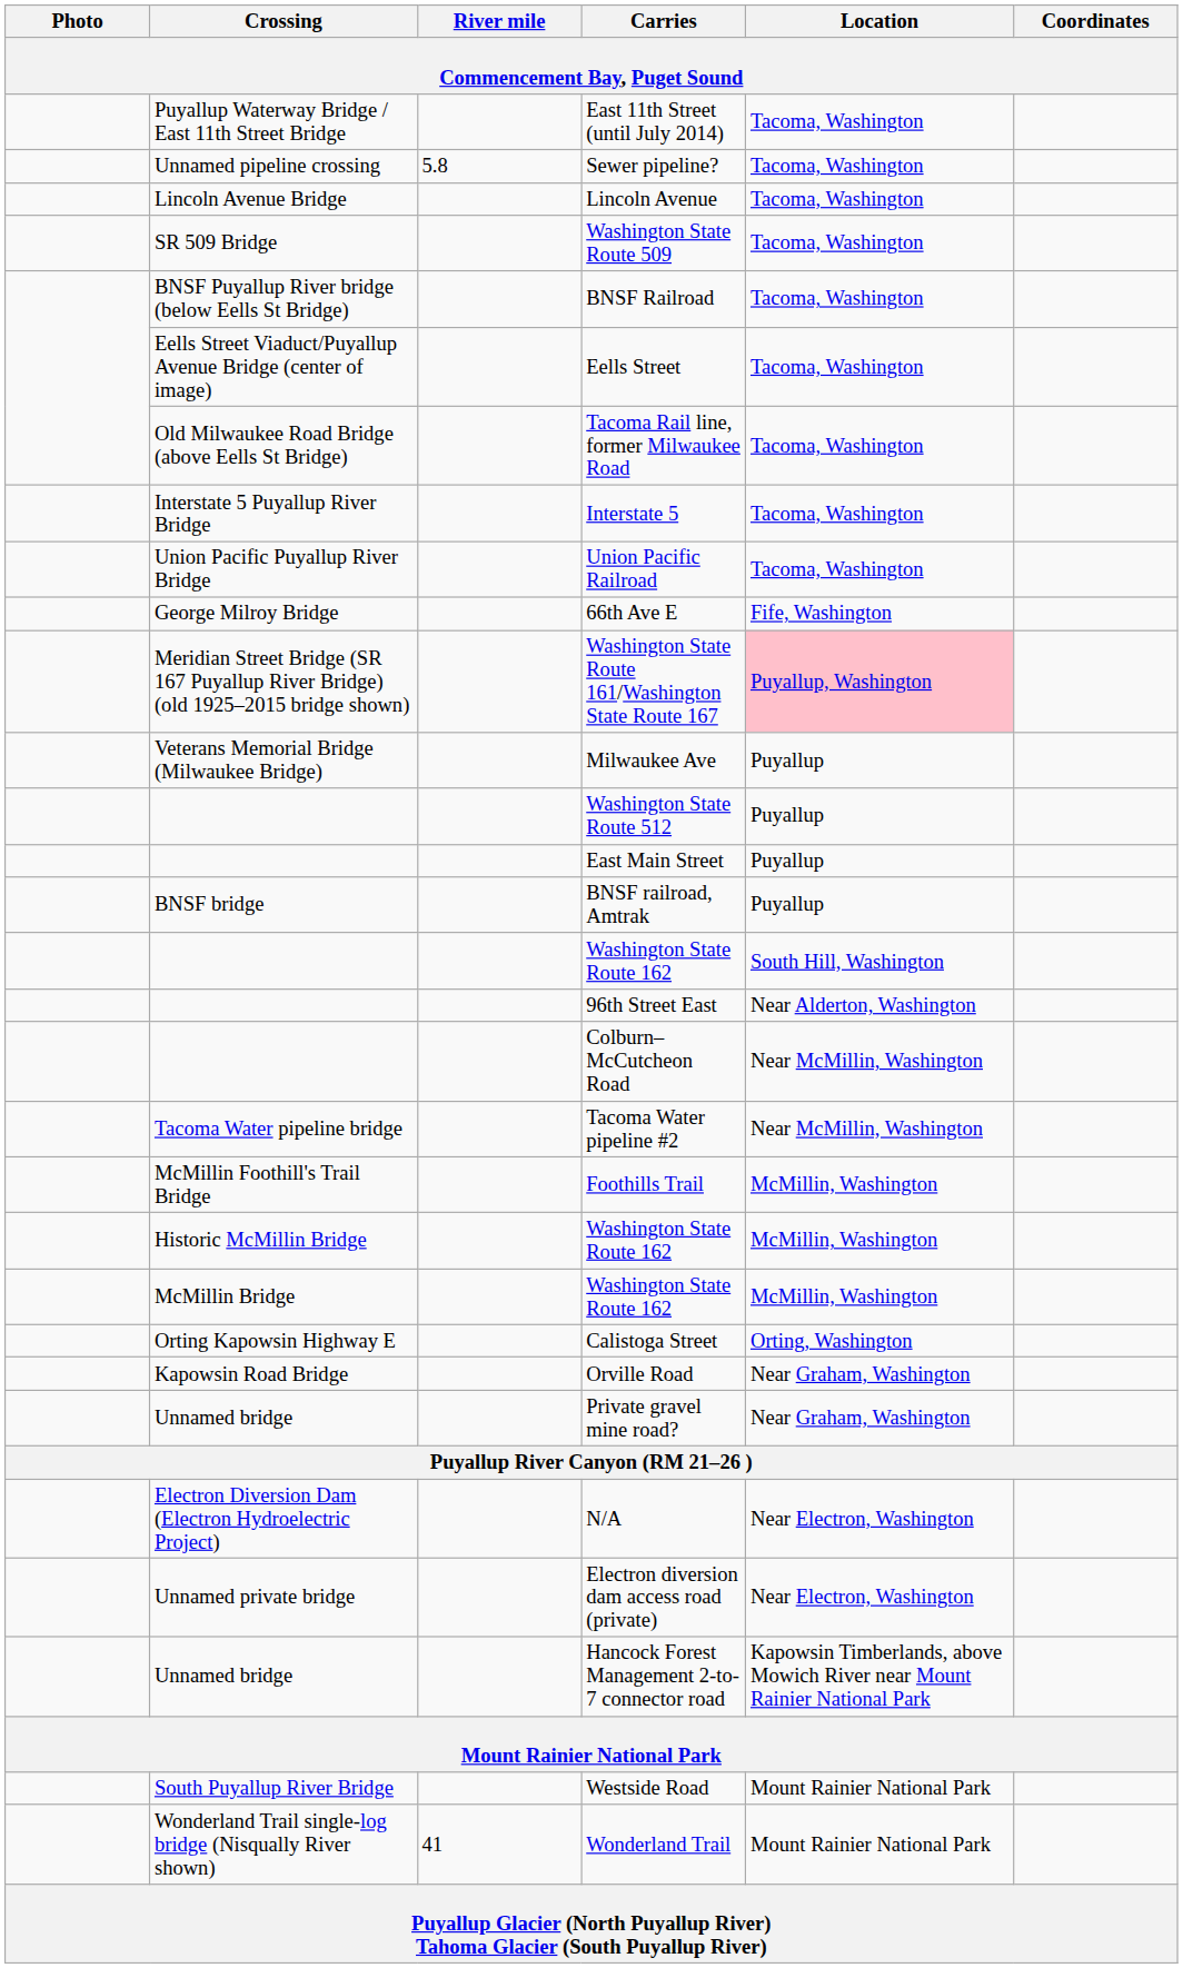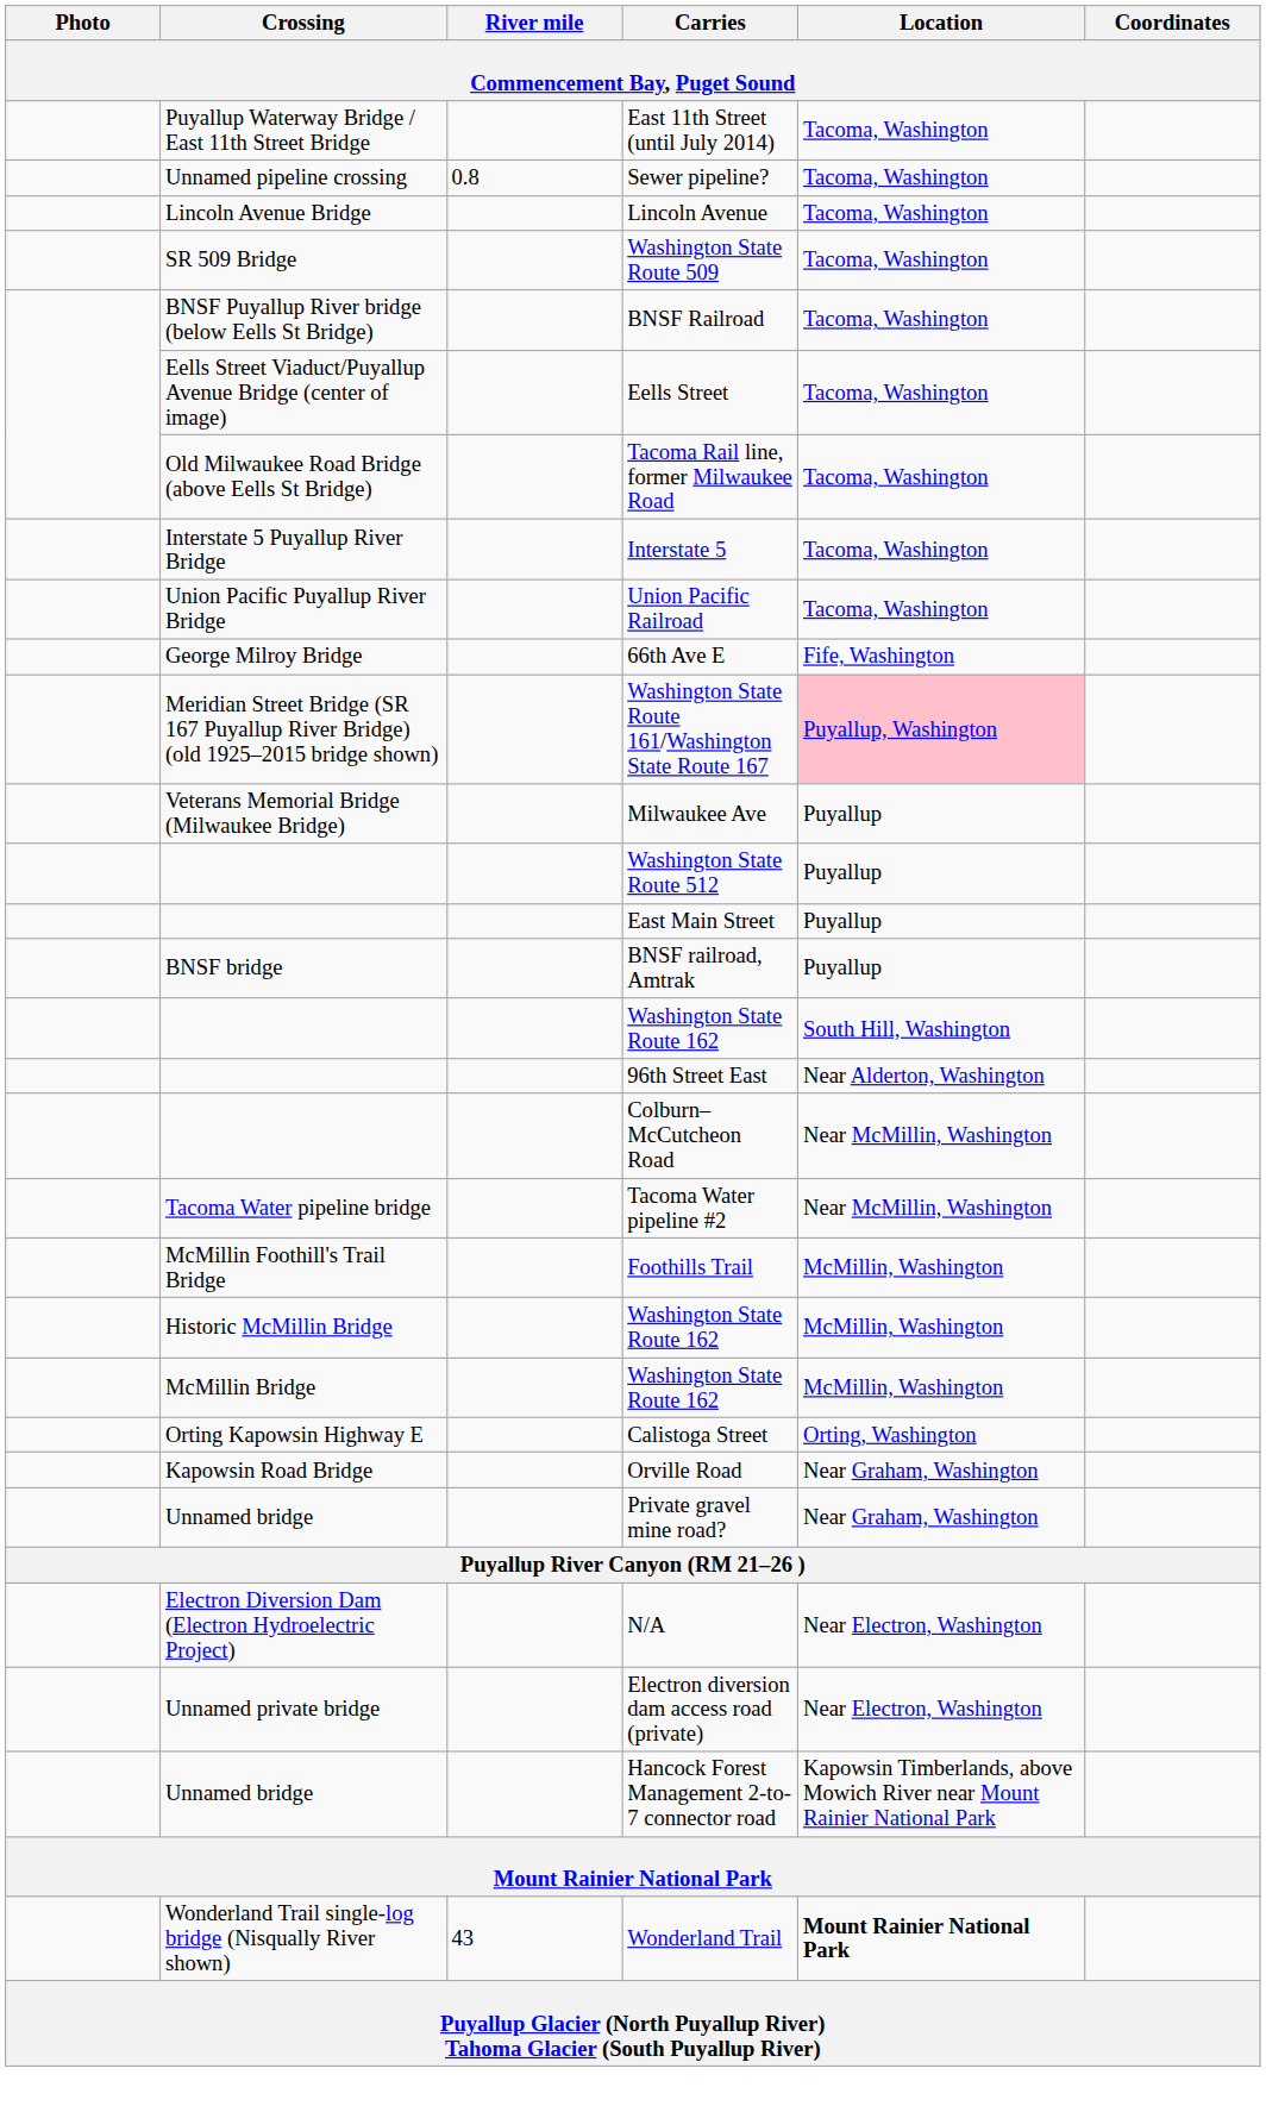 <table class=wikitable width=910>
 <tr>
 <th>Photo</th>
 <th width=200>Crossing</th>
 <th width=120><a href='#'>River mile</a></th>
 <th width=120>Carries</th>
 <th width=200>Location</th>
 <th width=120>Coordinates</th>
 </tr>
 <tr>
 <th colspan=6><br><a href='#'>Commencement Bay</a>, <a href='#'>Puget Sound</a> </th>
 </tr>
 <tr>
 <td></td>
 <td>Puyallup Waterway Bridge / East 11th Street Bridge</td>
 <td></td>
 <td>East 11th Street (until July 2014)</td>
 <td><a href='#'>Tacoma, Washington</a></td>
 <td></td>
 </tr>
 <tr>
 <td></td>
 <td>Unnamed pipeline crossing</td>
-<td>5.8</td>
+<td>0.8</td>
 <td>Sewer pipeline?</td>
 <td><a href='#'>Tacoma, Washington</a></td>
 <td></td>
 </tr>
 <tr>
 <td></td>
 <td>Lincoln Avenue Bridge</td>
 <td></td>
 <td>Lincoln Avenue</td>
 <td><a href='#'>Tacoma, Washington</a></td>
 <td></td>
 </tr>
 <tr>
 <td></td>
 <td>SR 509 Bridge</td>
 <td></td>
 <td><a href='#'>Washington State Route 509</a></td>
 <td><a href='#'>Tacoma, Washington</a></td>
 <td></td>
 </tr>
 <tr>
 <td rowspan=3></td>
 <td>BNSF Puyallup River bridge (below Eells St Bridge)</td>
 <td></td>
 <td>BNSF Railroad</td>
 <td><a href='#'>Tacoma, Washington</a></td>
 <td></td>
 </tr>
 <tr>
 <td>Eells Street Viaduct/Puyallup Avenue Bridge (center of image)</td>
 <td></td>
 <td>Eells Street</td>
 <td><a href='#'>Tacoma, Washington</a></td>
 <td></td>
 </tr>
 <tr>
 <td>Old Milwaukee Road Bridge (above Eells St Bridge)</td>
 <td></td>
 <td><a href='#'>Tacoma Rail</a> line, former <a href='#'>Milwaukee Road</a></td>
 <td><a href='#'>Tacoma, Washington</a></td>
 <td></td>
 </tr>
 <tr>
 <td></td>
 <td>Interstate 5 Puyallup River Bridge</td>
 <td></td>
 <td><a href='#'>Interstate 5</a></td>
 <td><a href='#'>Tacoma, Washington</a></td>
 <td></td>
 </tr>
 <tr>
 <td></td>
 <td>Union Pacific Puyallup River Bridge</td>
 <td></td>
 <td><a href='#'>Union Pacific Railroad</a></td>
 <td><a href='#'>Tacoma, Washington</a></td>
 <td></td>
 </tr>
 <tr>
 <td></td>
 <td>George Milroy Bridge</td>
 <td></td>
 <td>66th Ave E</td>
 <td><a href='#'>Fife, Washington</a></td>
 <td></td>
 </tr>
 <tr>
 <td></td>
 <td>Meridian Street Bridge (SR 167 Puyallup River Bridge) (old 1925–2015 bridge shown)</td>
 <td></td>
 <td><a href='#'>Washington State Route 161</a>/<a href='#'>Washington State Route 167</a></td>
 <td style="background: pink;"><a href='#'>Puyallup, Washington</a></td>
 <td></td>
 </tr>
 <tr>
 <td></td>
 <td>Veterans Memorial Bridge (Milwaukee Bridge)</td>
 <td></td>
 <td>Milwaukee Ave</td>
 <td>Puyallup</td>
 <td></td>
 </tr>
 <tr>
 <td></td>
 <td></td>
 <td></td>
 <td><a href='#'>Washington State Route 512</a></td>
 <td>Puyallup</td>
 <td></td>
 </tr>
 <tr>
 <td></td>
 <td></td>
 <td></td>
 <td>East Main Street</td>
 <td>Puyallup</td>
 <td></td>
 </tr>
 <tr>
 <td></td>
 <td>BNSF bridge</td>
 <td></td>
 <td>BNSF railroad, Amtrak</td>
 <td>Puyallup</td>
 <td></td>
 </tr>
 <tr>
 <td></td>
 <td></td>
 <td></td>
 <td><a href='#'>Washington State Route 162</a></td>
 <td><a href='#'>South Hill, Washington</a></td>
 <td></td>
 </tr>
 <tr>
 <td></td>
 <td></td>
 <td></td>
 <td>96th Street East</td>
 <td>Near <a href='#'>Alderton, Washington</a></td>
 <td></td>
 </tr>
 <tr>
 <td></td>
 <td></td>
 <td></td>
 <td>Colburn–McCutcheon Road</td>
 <td>Near <a href='#'>McMillin, Washington</a></td>
 <td></td>
 </tr>
 <tr>
 <td></td>
 <td><a href='#'>Tacoma Water</a> pipeline bridge</td>
 <td></td>
 <td>Tacoma Water pipeline #2</td>
 <td>Near <a href='#'>McMillin, Washington</a></td>
 <td></td>
 </tr>
 <tr>
 <td></td>
 <td>McMillin Foothill's Trail Bridge</td>
 <td></td>
 <td><a href='#'>Foothills Trail</a></td>
 <td><a href='#'>McMillin, Washington</a></td>
 <td></td>
 </tr>
 <tr>
 <td></td>
 <td>Historic <a href='#'>McMillin Bridge</a></td>
 <td></td>
 <td><a href='#'>Washington State Route 162</a></td>
 <td><a href='#'>McMillin, Washington</a></td>
 <td></td>
 </tr>
 <tr>
 <td></td>
 <td>McMillin Bridge</td>
 <td></td>
 <td><a href='#'>Washington State Route 162</a></td>
 <td><a href='#'>McMillin, Washington</a></td>
 <td></td>
 </tr>
 <tr>
 <td></td>
 <td>Orting Kapowsin Highway E</td>
 <td></td>
 <td>Calistoga Street</td>
 <td><a href='#'>Orting, Washington</a></td>
 <td></td>
 </tr>
 <tr>
 <td></td>
 <td>Kapowsin Road Bridge </td>
 <td></td>
 <td>Orville Road</td>
 <td>Near <a href='#'>Graham, Washington</a></td>
 <td></td>
 </tr>
 <tr>
 <td></td>
 <td>Unnamed bridge</td>
 <td></td>
 <td>Private gravel mine road?</td>
 <td>Near <a href='#'>Graham, Washington</a></td>
 <td></td>
 </tr>
 <tr>
 <th colspan=6>Puyallup River Canyon (RM 21–26 )</th>
 </tr>
 <tr>
 <td></td>
 <td><a href='#'>Electron Diversion Dam</a> (<a href='#'>Electron Hydroelectric Project</a>)</td>
 <td></td>
 <td>N/A</td>
 <td>Near <a href='#'>Electron, Washington</a></td>
 <td></td>
 </tr>
 <tr>
 <td></td>
 <td>Unnamed private bridge</td>
 <td></td>
 <td>Electron diversion dam access road (private)</td>
 <td>Near <a href='#'>Electron, Washington</a></td>
 <td></td>
 </tr>
 <tr>
 <td></td>
 <td>Unnamed bridge</td>
 <td></td>
 <td>Hancock Forest Management 2-to-7 connector road</td>
 <td>Kapowsin Timberlands, above Mowich River near <a href='#'>Mount Rainier National Park</a></td>
 <td></td>
 </tr>
 <tr>
 <th colspan=6><br><a href='#'>Mount Rainier National Park</a></th>
 </tr>
 <tr>
 <td></td>
-<td><a href='#'>South Puyallup River Bridge</a></td>
-<td></td>
-<td>Westside Road</td>
-<td>Mount Rainier National Park</td>
-<td></td>
-</tr>
-<tr>
-<td></td>
 <td>Wonderland Trail single-<a href='#'>log bridge</a> (Nisqually River shown)</td>
-<td> 41</td>
+<td> 43</td>
 <td><a href='#'>Wonderland Trail</a></td>
-<td>Mount Rainier National Park</td>
+<td><strong>Mount Rainier National Park</strong></td>
 <td></td>
 </tr>
 <tr>
 <th colspan=6><br><a href='#'>Puyallup Glacier</a> (North Puyallup River)<br> <a href='#'>Tahoma Glacier</a> (South Puyallup River)</th>
 </tr>
 </table>
